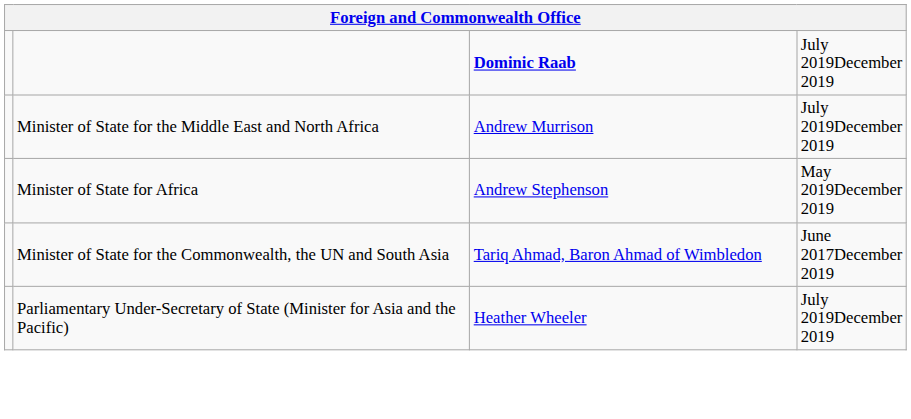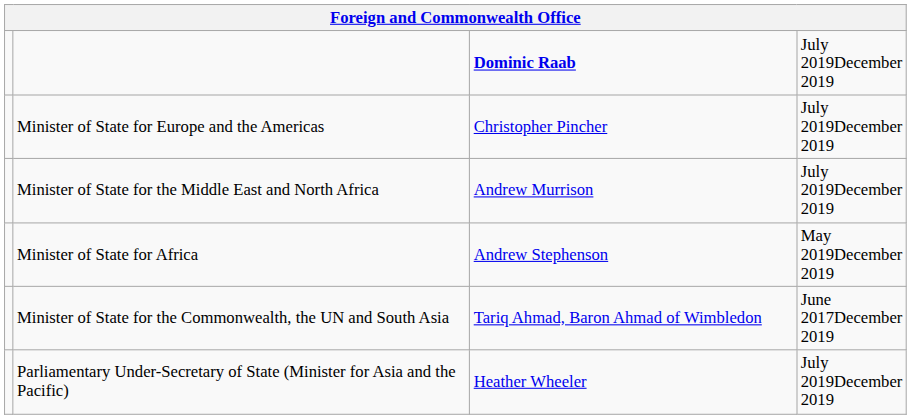 <table class="wikitable">
 <tr>
 <th colspan="4"><a href='#'>Foreign and Commonwealth Office</a></th>
 </tr>
 <tr>
 <td style="width: 1px; background: "></td>
 <td style="width: 450px;"></td>
 <td style="width: 320px;"><strong><a href='#'>Dominic Raab</a></strong></td>
+<td>July 2019December 2019</td>
+</tr>
+<tr>
+<td style="width: 1px; background: "></td>
+<td style="width: 450px;">Minister of State for Europe and the Americas</td>
+<td style="width: 320px;"><a href='#'>Christopher Pincher</a></td>
 <td>July 2019December 2019</td>
 </tr>
 <tr>
 <td style="width: 1px; background: "></td>
 <td style="width: 450px;">Minister of State for the Middle East and North Africa</td>
 <td style="width: 320px;"><a href='#'>Andrew Murrison</a><br></td>
 <td>July 2019December 2019</td>
 </tr>
 <tr>
 <td style="width: 1px; background: "></td>
 <td style="width: 450px;">Minister of State for Africa</td>
 <td style="width: 320px;"><a href='#'>Andrew Stephenson</a><br></td>
 <td>May 2019December 2019</td>
 </tr>
 <tr>
 <td style="width: 1px; background: "></td>
 <td>Minister of State for the Commonwealth, the UN and South Asia</td>
 <td><a href='#'>Tariq Ahmad, Baron Ahmad of Wimbledon</a></td>
 <td>June 2017December 2019</td>
 </tr>
 <tr>
 <td style="width: 1px; background: "></td>
 <td>Parliamentary Under-Secretary of State (Minister for Asia and the Pacific)</td>
 <td><a href='#'>Heather Wheeler</a></td>
 <td>July 2019December 2019</td>
 </tr>
 </table>
